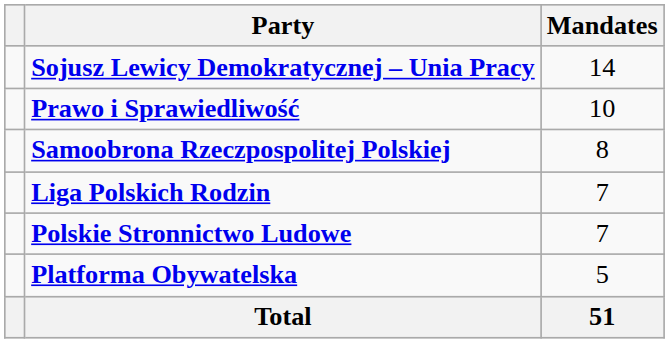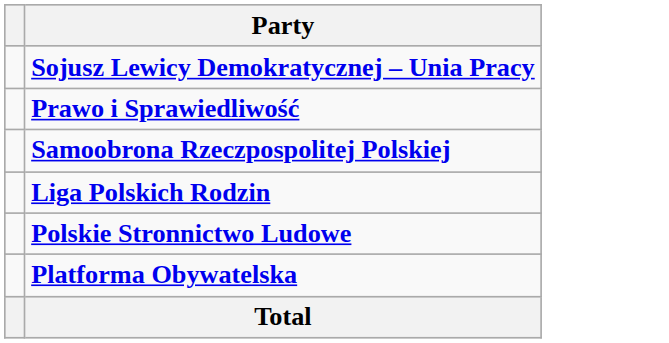 <table class="wikitable">
 <tr>
 <th width=5></th>
 <th>Party</th>
-<th>Mandates</th>
 </tr>
 <tr>
 <td style="background:"></td>
 <td><strong><a href='#'>Sojusz Lewicy Demokratycznej – Unia Pracy</a></strong></td>
-<td align="center">14</td>
 </tr>
 <tr>
 <td style="background:"></td>
 <td><strong><a href='#'>Prawo i Sprawiedliwość</a></strong></td>
-<td align="center">10</td>
 </tr>
 <tr>
 <td style="background:"></td>
 <td><strong><a href='#'>Samoobrona Rzeczpospolitej Polskiej</a></strong></td>
-<td align="center">8</td>
 </tr>
 <tr>
 <td style="background:"></td>
 <td><strong><a href='#'>Liga Polskich Rodzin</a></strong></td>
-<td align="center">7</td>
 </tr>
 <tr>
 <td style="background:"></td>
 <td><strong><a href='#'>Polskie Stronnictwo Ludowe</a></strong></td>
-<td align="center">7</td>
 </tr>
 <tr>
 <td style="background:"></td>
 <td><strong><a href='#'>Platforma Obywatelska</a></strong></td>
-<td align="center">5</td>
 </tr>
 <tr bgcolor="#ececec">
 <th></th>
 <th>Total</th>
-<th align="center">51</th>
 </tr>
 </table>
